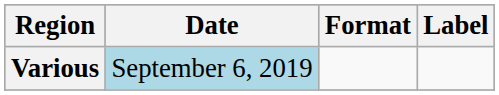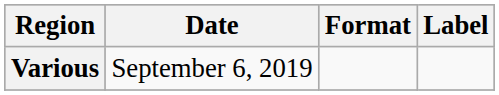 <table class="wikitable plainrowheaders">
 <tr>
 <th scope="col">Region</th>
 <th scope="col">Date</th>
 <th scope="col">Format</th>
 <th scope="col">Label</th>
 </tr>
 <tr>
 <th scope="row" rowspan=2>Various</th>
-<td style="background: lightblue;">September 6, 2019</td>
+<td>September 6, 2019</td>
 <td></td>
 <td></td>
 </tr>
 </table>
